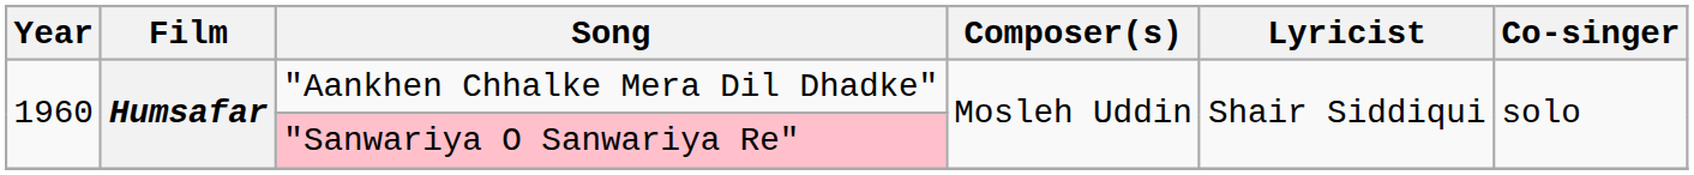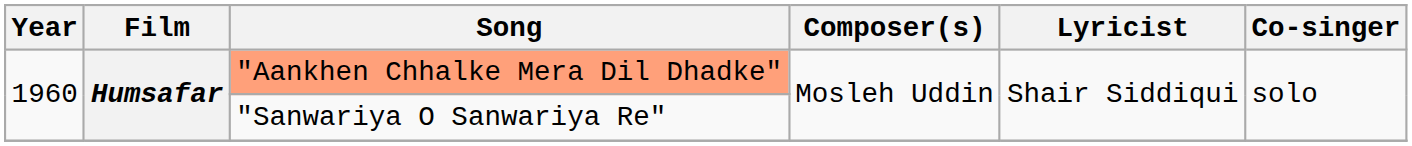 <table class="sortable wikitable">
 <tr>
 <th>Year</th>
 <th>Film</th>
 <th>Song</th>
 <th>Composer(s)</th>
 <th>Lyricist</th>
 <th>Co-singer</th>
 </tr>
 <tr>
 <td rowspan=2>1960</td>
 <th rowspan=2><em>Humsafar</em></th>
-<td>"Aankhen Chhalke Mera Dil Dhadke"</td>
+<td style="background: lightsalmon;">"Aankhen Chhalke Mera Dil Dhadke"</td>
 <td rowspan=2>Mosleh Uddin</td>
 <td rowspan=2>Shair Siddiqui</td>
 <td rowspan=2>solo</td>
 </tr>
 <tr>
-<td style="background: pink;">"Sanwariya O Sanwariya Re"</td>
+<td>"Sanwariya O Sanwariya Re"</td>
 </tr>
 <tr>
 </tr>
 </table>
